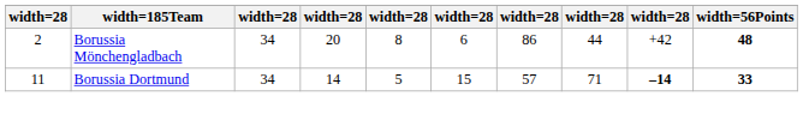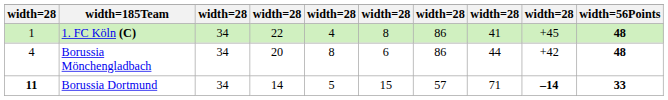 <table class="wikitable">
 <tr align="center" bgcolor="#dfdfdf">
 </tr>
 <tr>
 <th>width=28<br></th>
 <th>width=185Team<br></th>
 <th>width=28<br></th>
 <th>width=28<br></th>
 <th>width=28<br></th>
 <th>width=28<br></th>
 <th>width=28<br></th>
 <th>width=28<br></th>
 <th>width=28<br></th>
 <th>width=56Points<br></th>
 </tr>
+<tr align="center" valign="top" bgcolor="D0F0C0">
+<td>1</td>
+<td align="left"><a href='#'>1. FC Köln</a> <strong>(C)</strong></td>
+<td>34</td>
+<td>22</td>
+<td>4</td>
+<td>8</td>
+<td>86</td>
+<td>41</td>
+<td>+45</td>
+<td><strong>48</strong></td>
+</tr>
 <tr align="center" valign="top" bgcolor="#ffffff">
-<td>2</td>
+<td>4</td>
 <td align="left"><a href='#'>Borussia Mönchengladbach</a></td>
 <td>34</td>
 <td>20</td>
 <td>8</td>
 <td>6</td>
 <td>86</td>
 <td>44</td>
 <td>+42</td>
 <td><strong>48</strong></td>
 </tr>
 <tr align="center" valign="top" bgcolor="#ffffff">
-<td>11</td>
+<td><strong>11</strong></td>
 <td align="left"><a href='#'>Borussia Dortmund</a></td>
 <td>34</td>
 <td>14</td>
 <td>5</td>
 <td>15</td>
 <td>57</td>
 <td>71</td>
 <td><strong>–14</strong></td>
 <td><strong>33</strong></td>
 </tr>
 </table>
